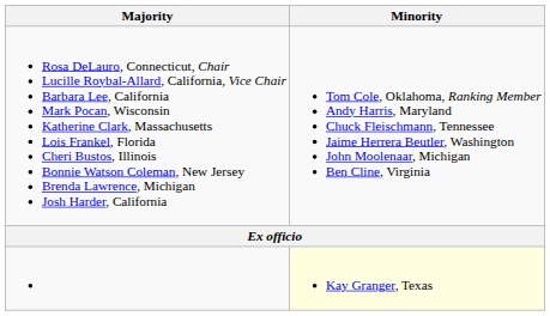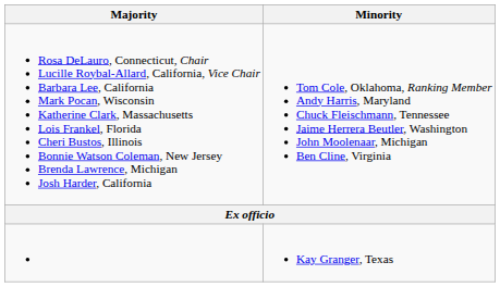 <table class=wikitable>
 <tr>
 <th>Majority</th>
 <th>Minority</th>
 </tr>
 <tr>
 <td><br><ul><li><a href='#'>Rosa DeLauro</a>, Connecticut, <em>Chair</em></li><li><a href='#'>Lucille Roybal-Allard</a>, California, <em>Vice Chair</em></li><li><a href='#'>Barbara Lee</a>, California</li><li><a href='#'>Mark Pocan</a>, Wisconsin</li><li><a href='#'>Katherine Clark</a>, Massachusetts</li><li><a href='#'>Lois Frankel</a>, Florida</li><li><a href='#'>Cheri Bustos</a>, Illinois</li><li><a href='#'>Bonnie Watson Coleman</a>, New Jersey</li><li><a href='#'>Brenda Lawrence</a>, Michigan</li><li><a href='#'>Josh Harder</a>, California</li></ul></td>
 <td><br><ul><li><a href='#'>Tom Cole</a>, Oklahoma, <em>Ranking Member</em></li><li><a href='#'>Andy Harris</a>, Maryland</li><li><a href='#'>Chuck Fleischmann</a>, Tennessee</li><li><a href='#'>Jaime Herrera Beutler</a>, Washington</li><li><a href='#'>John Moolenaar</a>, Michigan</li><li><a href='#'>Ben Cline</a>, Virginia</li></ul></td>
 </tr>
 <tr>
 <th colspan=2><em>Ex officio</em></th>
 </tr>
 <tr>
 <td><br><ul><li></li></ul></td>
-<td style="background: lightyellow;"><br><ul><li><a href='#'>Kay Granger</a>, Texas</li></ul></td>
+<td><br><ul><li><a href='#'>Kay Granger</a>, Texas</li></ul></td>
 </tr>
 </table>
